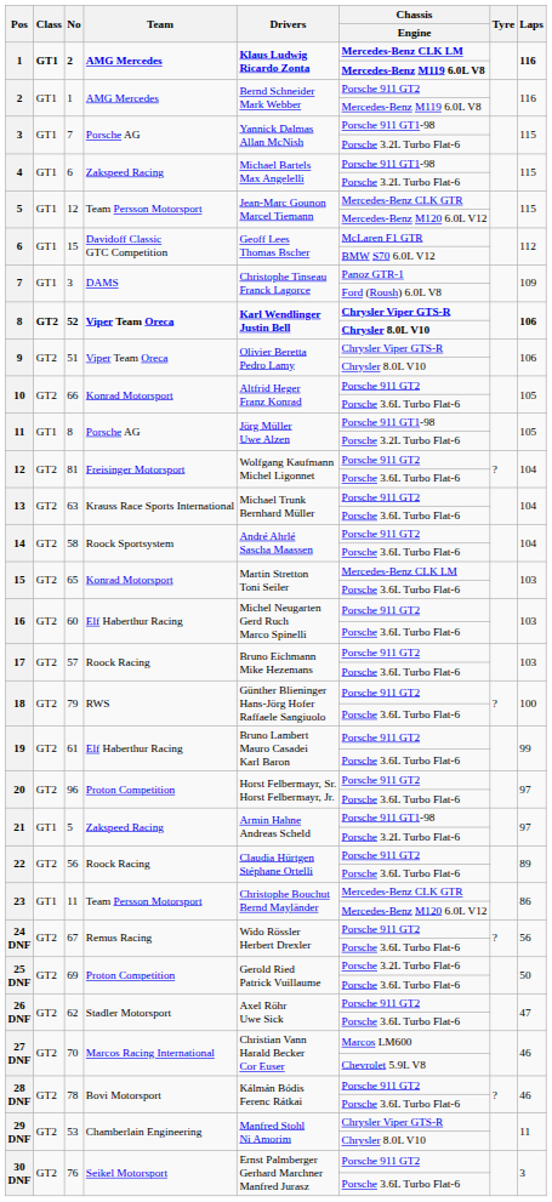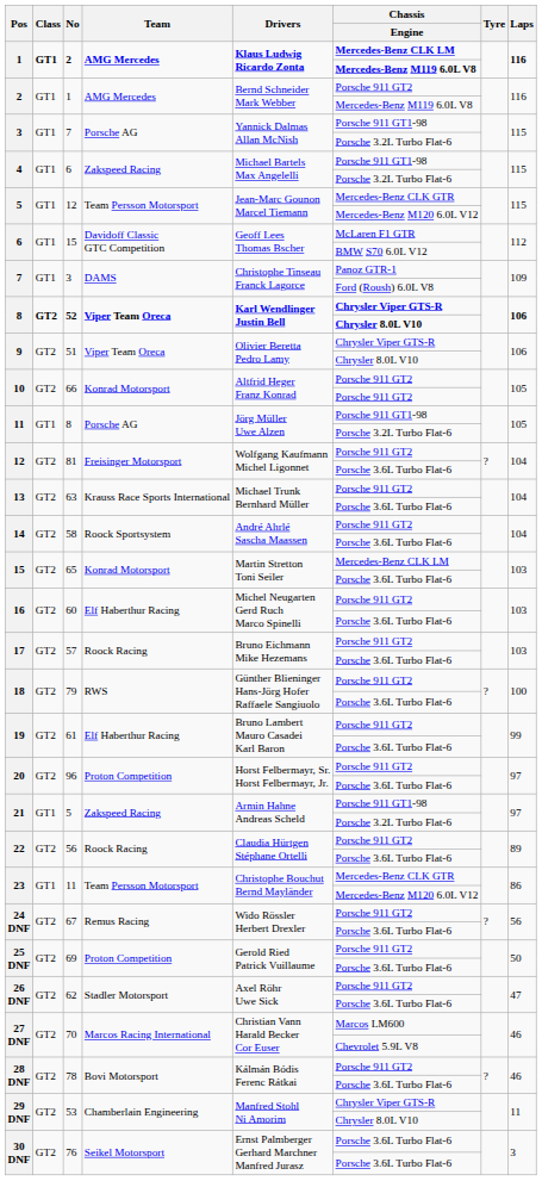 <table class="wikitable" style="font-size: 95%;">
 <tr>
 <th rowspan=2>Pos</th>
 <th rowspan=2>Class</th>
 <th rowspan=2>No</th>
 <th rowspan=2>Team</th>
 <th rowspan=2>Drivers</th>
 <th>Chassis</th>
 <th rowspan=2>Tyre</th>
 <th rowspan=2>Laps</th>
 </tr>
 <tr>
 <th>Engine</th>
 </tr>
 <tr style="font-weight:bold">
 <th rowspan=2>1</th>
 <td rowspan=2>GT1</td>
 <td rowspan=2>2</td>
 <td rowspan=2> <a href='#'>AMG Mercedes</a></td>
 <td rowspan=2> <a href='#'>Klaus Ludwig</a><br> <a href='#'>Ricardo Zonta</a></td>
 <td><a href='#'>Mercedes-Benz CLK LM</a></td>
 <td rowspan=2></td>
 <td rowspan=2>116</td>
 </tr>
 <tr style="font-weight:bold">
 <td><a href='#'>Mercedes-Benz</a> <a href='#'>M119</a> 6.0L V8</td>
 </tr>
 <tr>
 <th rowspan=2>2</th>
 <td rowspan=2>GT1</td>
 <td rowspan=2>1</td>
 <td rowspan=2> <a href='#'>AMG Mercedes</a></td>
 <td rowspan=2> <a href='#'>Bernd Schneider</a><br> <a href='#'>Mark Webber</a></td>
 <td><a href='#'>Porsche 911 GT2</a></td>
 <td rowspan=2></td>
 <td rowspan=2>116</td>
 </tr>
 <tr>
 <td><a href='#'>Mercedes-Benz</a> <a href='#'>M119</a> 6.0L V8</td>
 </tr>
 <tr>
 <th rowspan=2>3</th>
 <td rowspan=2>GT1</td>
 <td rowspan=2>7</td>
 <td rowspan=2> <a href='#'>Porsche</a> AG</td>
 <td rowspan=2> <a href='#'>Yannick Dalmas</a><br> <a href='#'>Allan McNish</a></td>
 <td><a href='#'>Porsche 911 GT1</a>-98</td>
 <td rowspan=2></td>
 <td rowspan=2>115</td>
 </tr>
 <tr>
 <td><a href='#'>Porsche</a> 3.2L Turbo Flat-6</td>
 </tr>
 <tr>
 <th rowspan=2>4</th>
 <td rowspan=2>GT1</td>
 <td rowspan=2>6</td>
 <td rowspan=2> <a href='#'>Zakspeed Racing</a></td>
 <td rowspan=2> <a href='#'>Michael Bartels</a><br> <a href='#'>Max Angelelli</a></td>
 <td><a href='#'>Porsche 911 GT1</a>-98</td>
 <td rowspan=2></td>
 <td rowspan=2>115</td>
 </tr>
 <tr>
 <td><a href='#'>Porsche</a> 3.2L Turbo Flat-6</td>
 </tr>
 <tr>
 <th rowspan=2>5</th>
 <td rowspan=2>GT1</td>
 <td rowspan=2>12</td>
 <td rowspan=2> Team <a href='#'>Persson Motorsport</a></td>
 <td rowspan=2> <a href='#'>Jean-Marc Gounon</a><br> <a href='#'>Marcel Tiemann</a></td>
 <td><a href='#'>Mercedes-Benz CLK GTR</a></td>
 <td rowspan=2></td>
 <td rowspan=2>115</td>
 </tr>
 <tr>
 <td><a href='#'>Mercedes-Benz</a> <a href='#'>M120</a> 6.0L V12</td>
 </tr>
 <tr>
 <th rowspan=2>6</th>
 <td rowspan=2>GT1</td>
 <td rowspan=2>15</td>
 <td rowspan=2> <a href='#'>Davidoff Classic</a><br> GTC Competition</td>
 <td rowspan=2> <a href='#'>Geoff Lees</a><br> <a href='#'>Thomas Bscher</a></td>
 <td><a href='#'>McLaren F1 GTR</a></td>
 <td rowspan=2></td>
 <td rowspan=2>112</td>
 </tr>
 <tr>
 <td><a href='#'>BMW</a> <a href='#'>S70</a> 6.0L V12</td>
 </tr>
 <tr>
 <th rowspan=2>7</th>
 <td rowspan=2>GT1</td>
 <td rowspan=2>3</td>
 <td rowspan=2> <a href='#'>DAMS</a></td>
 <td rowspan=2> <a href='#'>Christophe Tinseau</a><br> <a href='#'>Franck Lagorce</a></td>
 <td><a href='#'>Panoz GTR-1</a></td>
 <td rowspan=2></td>
 <td rowspan=2>109</td>
 </tr>
 <tr>
 <td><a href='#'>Ford</a> (<a href='#'>Roush</a>) 6.0L V8</td>
 </tr>
 <tr style="font-weight:bold">
 <th rowspan=2>8</th>
 <td rowspan=2>GT2</td>
 <td rowspan=2>52</td>
 <td rowspan=2> <a href='#'>Viper</a> Team <a href='#'>Oreca</a></td>
 <td rowspan=2> <a href='#'>Karl Wendlinger</a><br> <a href='#'>Justin Bell</a></td>
 <td><a href='#'>Chrysler Viper GTS-R</a></td>
 <td rowspan=2></td>
 <td rowspan=2>106</td>
 </tr>
 <tr style="font-weight:bold">
 <td><a href='#'>Chrysler</a> 8.0L V10</td>
 </tr>
 <tr>
 <th rowspan=2>9</th>
 <td rowspan=2>GT2</td>
 <td rowspan=2>51</td>
 <td rowspan=2> <a href='#'>Viper</a> Team <a href='#'>Oreca</a></td>
 <td rowspan=2> <a href='#'>Olivier Beretta</a><br> <a href='#'>Pedro Lamy</a></td>
 <td><a href='#'>Chrysler Viper GTS-R</a></td>
 <td rowspan=2></td>
 <td rowspan=2>106</td>
 </tr>
 <tr>
 <td><a href='#'>Chrysler</a> 8.0L V10</td>
 </tr>
 <tr>
 <th rowspan=2>10</th>
 <td rowspan=2>GT2</td>
 <td rowspan=2>66</td>
 <td rowspan=2> <a href='#'>Konrad Motorsport</a></td>
 <td rowspan=2> <a href='#'>Altfrid Heger</a><br> <a href='#'>Franz Konrad</a></td>
 <td><a href='#'>Porsche 911 GT2</a></td>
 <td rowspan=2></td>
 <td rowspan=2>105</td>
 </tr>
 <tr>
-<td><a href='#'>Porsche</a> 3.6L Turbo Flat-6</td>
+<td><a href='#'>Porsche 911 GT2</a></td>
 </tr>
 <tr>
 <th rowspan=2>11</th>
 <td rowspan=2>GT1</td>
 <td rowspan=2>8</td>
 <td rowspan=2> <a href='#'>Porsche</a> AG</td>
 <td rowspan=2> <a href='#'>Jörg Müller</a><br> <a href='#'>Uwe Alzen</a></td>
 <td><a href='#'>Porsche 911 GT1</a>-98</td>
 <td rowspan=2></td>
 <td rowspan=2>105</td>
 </tr>
 <tr>
 <td><a href='#'>Porsche</a> 3.2L Turbo Flat-6</td>
 </tr>
 <tr>
 <th rowspan=2>12</th>
 <td rowspan=2>GT2</td>
 <td rowspan=2>81</td>
 <td rowspan=2> <a href='#'>Freisinger Motorsport</a></td>
 <td rowspan=2> Wolfgang Kaufmann<br> Michel Ligonnet</td>
 <td><a href='#'>Porsche 911 GT2</a></td>
 <td rowspan=2>?</td>
 <td rowspan=2>104</td>
 </tr>
 <tr>
 <td><a href='#'>Porsche</a> 3.6L Turbo Flat-6</td>
 </tr>
 <tr>
 <th rowspan=2>13</th>
 <td rowspan=2>GT2</td>
 <td rowspan=2>63</td>
 <td rowspan=2> Krauss Race Sports International</td>
 <td rowspan=2> Michael Trunk<br> Bernhard Müller</td>
 <td><a href='#'>Porsche 911 GT2</a></td>
 <td rowspan=2></td>
 <td rowspan=2>104</td>
 </tr>
 <tr>
 <td><a href='#'>Porsche</a> 3.6L Turbo Flat-6</td>
 </tr>
 <tr>
 <th rowspan=2>14</th>
 <td rowspan=2>GT2</td>
 <td rowspan=2>58</td>
 <td rowspan=2> Roock Sportsystem</td>
 <td rowspan=2> <a href='#'>André Ahrlé</a><br> <a href='#'>Sascha Maassen</a></td>
 <td><a href='#'>Porsche 911 GT2</a></td>
 <td rowspan=2></td>
 <td rowspan=2>104</td>
 </tr>
 <tr>
 <td><a href='#'>Porsche</a> 3.6L Turbo Flat-6</td>
 </tr>
 <tr>
 <th rowspan=2>15</th>
 <td rowspan=2>GT2</td>
 <td rowspan=2>65</td>
 <td rowspan=2> <a href='#'>Konrad Motorsport</a></td>
 <td rowspan=2> Martin Stretton<br> Toni Seiler</td>
 <td><a href='#'>Mercedes-Benz CLK LM</a></td>
 <td rowspan=2></td>
 <td rowspan=2>103</td>
 </tr>
 <tr>
 <td><a href='#'>Porsche</a> 3.6L Turbo Flat-6</td>
 </tr>
 <tr>
 <th rowspan=2>16</th>
 <td rowspan=2>GT2</td>
 <td rowspan=2>60</td>
 <td rowspan=2> <a href='#'>Elf</a> Haberthur Racing</td>
 <td rowspan=2> Michel Neugarten<br> Gerd Ruch<br> Marco Spinelli</td>
 <td><a href='#'>Porsche 911 GT2</a></td>
 <td rowspan=2></td>
 <td rowspan=2>103</td>
 </tr>
 <tr>
 <td><a href='#'>Porsche</a> 3.6L Turbo Flat-6</td>
 </tr>
 <tr>
 <th rowspan=2>17</th>
 <td rowspan=2>GT2</td>
 <td rowspan=2>57</td>
 <td rowspan=2> Roock Racing</td>
 <td rowspan=2> Bruno Eichmann<br> Mike Hezemans</td>
 <td><a href='#'>Porsche 911 GT2</a></td>
 <td rowspan=2></td>
 <td rowspan=2>103</td>
 </tr>
 <tr>
 <td><a href='#'>Porsche</a> 3.6L Turbo Flat-6</td>
 </tr>
 <tr>
 <th rowspan=2>18</th>
 <td rowspan=2>GT2</td>
 <td rowspan=2>79</td>
 <td rowspan=2> RWS</td>
 <td rowspan=2> Günther Blieninger<br> Hans-Jörg Hofer<br> Raffaele Sangiuolo</td>
 <td><a href='#'>Porsche 911 GT2</a></td>
 <td rowspan=2>?</td>
 <td rowspan=2>100</td>
 </tr>
 <tr>
 <td><a href='#'>Porsche</a> 3.6L Turbo Flat-6</td>
 </tr>
 <tr>
 <th rowspan=2>19</th>
 <td rowspan=2>GT2</td>
 <td rowspan=2>61</td>
 <td rowspan=2> <a href='#'>Elf</a> Haberthur Racing</td>
 <td rowspan=2> Bruno Lambert<br> Mauro Casadei<br> Karl Baron</td>
 <td><a href='#'>Porsche 911 GT2</a></td>
 <td rowspan=2></td>
 <td rowspan=2>99</td>
 </tr>
 <tr>
 <td><a href='#'>Porsche</a> 3.6L Turbo Flat-6</td>
 </tr>
 <tr>
 <th rowspan=2>20</th>
 <td rowspan=2>GT2</td>
 <td rowspan=2>96</td>
 <td rowspan=2> <a href='#'>Proton Competition</a></td>
 <td rowspan=2> Horst Felbermayr, Sr.<br> Horst Felbermayr, Jr.</td>
 <td><a href='#'>Porsche 911 GT2</a></td>
 <td rowspan=2></td>
 <td rowspan=2>97</td>
 </tr>
 <tr>
 <td><a href='#'>Porsche</a> 3.6L Turbo Flat-6</td>
 </tr>
 <tr>
 <th rowspan=2>21</th>
 <td rowspan=2>GT1</td>
 <td rowspan=2>5</td>
 <td rowspan=2> <a href='#'>Zakspeed Racing</a></td>
 <td rowspan=2> <a href='#'>Armin Hahne</a><br> Andreas Scheld</td>
 <td><a href='#'>Porsche 911 GT1</a>-98</td>
 <td rowspan=2></td>
 <td rowspan=2>97</td>
 </tr>
 <tr>
 <td><a href='#'>Porsche</a> 3.2L Turbo Flat-6</td>
 </tr>
 <tr>
 <th rowspan=2>22</th>
 <td rowspan=2>GT2</td>
 <td rowspan=2>56</td>
 <td rowspan=2> Roock Racing</td>
 <td rowspan=2> <a href='#'>Claudia Hürtgen</a><br> <a href='#'>Stéphane Ortelli</a></td>
 <td><a href='#'>Porsche 911 GT2</a></td>
 <td rowspan=2></td>
 <td rowspan=2>89</td>
 </tr>
 <tr>
 <td><a href='#'>Porsche</a> 3.6L Turbo Flat-6</td>
 </tr>
 <tr>
 <th rowspan=2>23</th>
 <td rowspan=2>GT1</td>
 <td rowspan=2>11</td>
 <td rowspan=2> Team <a href='#'>Persson Motorsport</a></td>
 <td rowspan=2> <a href='#'>Christophe Bouchut</a><br> <a href='#'>Bernd Mayländer</a></td>
 <td><a href='#'>Mercedes-Benz CLK GTR</a></td>
 <td rowspan=2></td>
 <td rowspan=2>86</td>
 </tr>
 <tr>
 <td><a href='#'>Mercedes-Benz</a> <a href='#'>M120</a> 6.0L V12</td>
 </tr>
 <tr>
 <th rowspan=2>24<br>DNF</th>
 <td rowspan=2>GT2</td>
 <td rowspan=2>67</td>
 <td rowspan=2> Remus Racing</td>
 <td rowspan=2> Wido Rössler<br> Herbert Drexler</td>
 <td><a href='#'>Porsche 911 GT2</a></td>
 <td rowspan=2>?</td>
 <td rowspan=2>56</td>
 </tr>
 <tr>
 <td><a href='#'>Porsche</a> 3.6L Turbo Flat-6</td>
 </tr>
 <tr>
 <th rowspan=2>25<br>DNF</th>
 <td rowspan=2>GT2</td>
 <td rowspan=2>69</td>
 <td rowspan=2> <a href='#'>Proton Competition</a></td>
 <td rowspan=2> Gerold Ried<br> Patrick Vuillaume</td>
-<td><a href='#'>Porsche</a> 3.2L Turbo Flat-6</td>
+<td><a href='#'>Porsche 911 GT2</a></td>
 <td rowspan=2></td>
 <td rowspan=2>50</td>
 </tr>
 <tr>
 <td><a href='#'>Porsche</a> 3.6L Turbo Flat-6</td>
 </tr>
 <tr>
 <th rowspan=2>26<br>DNF</th>
 <td rowspan=2>GT2</td>
 <td rowspan=2>62</td>
 <td rowspan=2> Stadler Motorsport</td>
 <td rowspan=2> Axel Röhr<br> Uwe Sick</td>
 <td><a href='#'>Porsche 911 GT2</a></td>
 <td rowspan=2></td>
 <td rowspan=2>47</td>
 </tr>
 <tr>
 <td><a href='#'>Porsche</a> 3.6L Turbo Flat-6</td>
 </tr>
 <tr>
 <th rowspan=2>27<br>DNF</th>
 <td rowspan=2>GT2</td>
 <td rowspan=2>70</td>
 <td rowspan=2> <a href='#'>Marcos Racing International</a></td>
 <td rowspan=2> Christian Vann<br> Harald Becker<br> <a href='#'>Cor Euser</a></td>
 <td><a href='#'>Marcos</a> LM600</td>
 <td rowspan=2></td>
 <td rowspan=2>46</td>
 </tr>
 <tr>
 <td><a href='#'>Chevrolet</a> 5.9L V8</td>
 </tr>
 <tr>
 <th rowspan=2>28<br>DNF</th>
 <td rowspan=2>GT2</td>
 <td rowspan=2>78</td>
 <td rowspan=2> Bovi Motorsport</td>
 <td rowspan=2> Kálmán Bódis<br> Ferenc Rátkai</td>
 <td><a href='#'>Porsche 911 GT2</a></td>
 <td rowspan=2>?</td>
 <td rowspan=2>46</td>
 </tr>
 <tr>
 <td><a href='#'>Porsche</a> 3.6L Turbo Flat-6</td>
 </tr>
 <tr>
 <th rowspan=2>29<br>DNF</th>
 <td rowspan=2>GT2</td>
 <td rowspan=2>53</td>
 <td rowspan=2> Chamberlain Engineering</td>
 <td rowspan=2> <a href='#'>Manfred Stohl</a><br> <a href='#'>Ni Amorim</a></td>
 <td><a href='#'>Chrysler Viper GTS-R</a></td>
 <td rowspan=2></td>
 <td rowspan=2>11</td>
 </tr>
 <tr>
 <td><a href='#'>Chrysler</a> 8.0L V10</td>
 </tr>
 <tr>
 <th rowspan=2>30<br>DNF</th>
 <td rowspan=2>GT2</td>
 <td rowspan=2>76</td>
 <td rowspan=2> <a href='#'>Seikel Motorsport</a></td>
 <td rowspan=2> Ernst Palmberger<br> Gerhard Marchner<br> Manfred Jurasz</td>
-<td><a href='#'>Porsche 911 GT2</a></td>
+<td><a href='#'>Porsche</a> 3.6L Turbo Flat-6</td>
 <td rowspan=2></td>
 <td rowspan=2>3</td>
 </tr>
 <tr>
 <td><a href='#'>Porsche</a> 3.6L Turbo Flat-6</td>
 </tr>
 </table>
